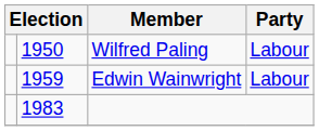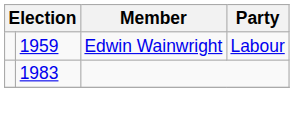 <table class="wikitable">
 <tr>
 <th colspan="2">Election</th>
 <th>Member</th>
 <th>Party</th>
-</tr>
-<tr>
-<td style="color:inherit;background-color: "></td>
-<td><a href='#'>1950</a></td>
-<td><a href='#'>Wilfred Paling</a></td>
-<td><a href='#'>Labour</a></td>
 </tr>
 <tr>
 <td style="color:inherit;background-color: "></td>
 <td><a href='#'>1959</a></td>
 <td><a href='#'>Edwin Wainwright</a></td>
 <td><a href='#'>Labour</a></td>
 </tr>
 <tr>
 <td></td>
 <td><a href='#'>1983</a></td>
 <td colspan="2"></td>
 </tr>
 <tr>
 </tr>
 </table>
